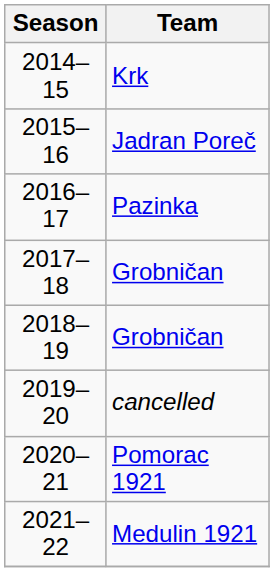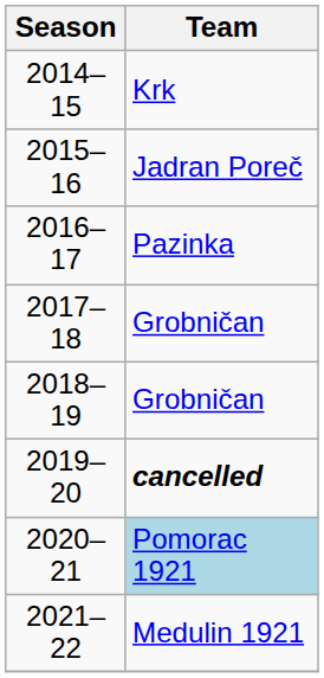 <table class="wikitable" style="text-align: center;">
 <tr>
 <th width=60>Season</th>
 <th width=100>Team</th>
 </tr>
 <tr>
 <td>2014–15</td>
 <td align="left"><a href='#'>Krk</a></td>
 </tr>
 <tr>
 <td>2015–16</td>
 <td align="left"><a href='#'>Jadran Poreč</a></td>
 </tr>
 <tr>
 <td>2016–17</td>
 <td align="left"><a href='#'>Pazinka</a></td>
 </tr>
 <tr>
 <td>2017–18</td>
 <td align="left"><a href='#'>Grobničan</a></td>
 </tr>
 <tr>
 <td>2018–19</td>
 <td align="left"><a href='#'>Grobničan</a></td>
 </tr>
 <tr>
 <td>2019–20</td>
-<td align="left"><em>cancelled</em></td>
+<td align="left"><strong><em>cancelled</em></strong></td>
 </tr>
 <tr>
 <td>2020–21</td>
-<td align="left"><a href='#'>Pomorac 1921</a></td>
+<td align="left" style="background: lightblue;"><a href='#'>Pomorac 1921</a></td>
 </tr>
 <tr>
 <td>2021–22</td>
 <td align="left"><a href='#'>Medulin 1921</a></td>
 </tr>
 <tr>
 </tr>
 </table>
